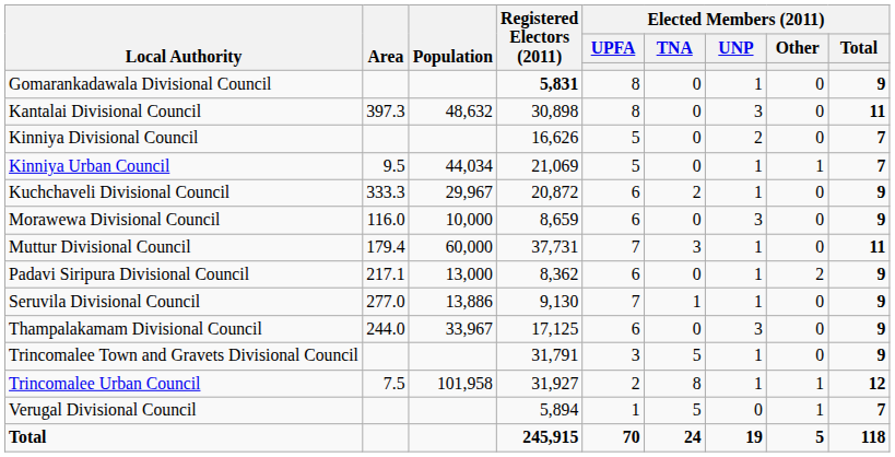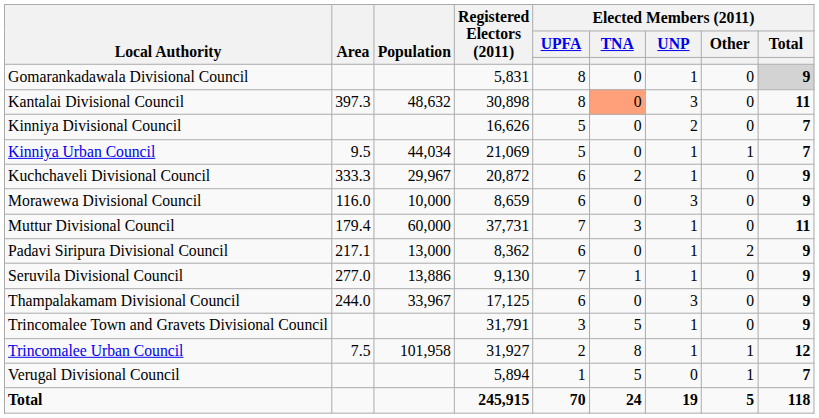 <table class="wikitable" border="1" style="text-align:right;">
 <tr>
 <th style="vertical-align:bottom;" rowspan=3>Local Authority</th>
 <th style="vertical-align:bottom;" rowspan=3>Area</th>
 <th style="vertical-align:bottom;" rowspan=3>Population</th>
 <th style="vertical-align:bottom;" rowspan=3>Registered<br>Electors<br>(2011)</th>
 <th colspan=5>Elected Members (2011)</th>
 </tr>
 <tr>
 <th style="width:50px;"><a href='#'>UPFA</a></th>
 <th style="width:50px;"><a href='#'>TNA</a></th>
 <th style="width:50px;"><a href='#'>UNP</a></th>
 <th style="width:50px;">Other</th>
 <th style="width:50px;">Total</th>
 </tr>
 <tr>
 <th style="background:"></th>
 <th style="background:"></th>
 <th style="background:"></th>
 <th></th>
 <th></th>
 </tr>
 <tr>
 <td align=left>Gomarankadawala Divisional Council</td>
 <td></td>
 <td></td>
-<td><strong>5,831</strong></td>
+<td>5,831</td>
 <td>8</td>
 <td>0</td>
 <td>1</td>
 <td>0</td>
-<td><strong>9</strong></td>
+<td style="background: lightgrey;"><strong>9</strong></td>
 </tr>
 <tr>
 <td align=left>Kantalai Divisional Council</td>
 <td>397.3</td>
 <td>48,632</td>
 <td>30,898</td>
 <td>8</td>
-<td>0</td>
+<td style="background: lightsalmon;">0</td>
 <td>3</td>
 <td>0</td>
 <td><strong>11</strong></td>
 </tr>
 <tr>
 <td align=left>Kinniya Divisional Council</td>
 <td></td>
 <td></td>
 <td>16,626</td>
 <td>5</td>
 <td>0</td>
 <td>2</td>
 <td>0</td>
 <td><strong>7</strong></td>
 </tr>
 <tr>
 <td align=left><a href='#'>Kinniya Urban Council</a></td>
 <td>9.5</td>
 <td>44,034</td>
 <td>21,069</td>
 <td>5</td>
 <td>0</td>
 <td>1</td>
 <td>1</td>
 <td><strong>7</strong></td>
 </tr>
 <tr>
 <td align=left>Kuchchaveli Divisional Council</td>
 <td>333.3</td>
 <td>29,967</td>
 <td>20,872</td>
 <td>6</td>
 <td>2</td>
 <td>1</td>
 <td>0</td>
 <td><strong>9</strong></td>
 </tr>
 <tr>
 <td align=left>Morawewa Divisional Council</td>
 <td>116.0</td>
 <td>10,000</td>
 <td>8,659</td>
 <td>6</td>
 <td>0</td>
 <td>3</td>
 <td>0</td>
 <td><strong>9</strong></td>
 </tr>
 <tr>
 <td align=left>Muttur Divisional Council</td>
 <td>179.4</td>
 <td>60,000</td>
 <td>37,731</td>
 <td>7</td>
 <td>3</td>
 <td>1</td>
 <td>0</td>
 <td><strong>11</strong></td>
 </tr>
 <tr>
 <td align=left>Padavi Siripura Divisional Council</td>
 <td>217.1</td>
 <td>13,000</td>
 <td>8,362</td>
 <td>6</td>
 <td>0</td>
 <td>1</td>
 <td>2</td>
 <td><strong>9</strong></td>
 </tr>
 <tr>
 <td align=left>Seruvila Divisional Council</td>
 <td>277.0</td>
 <td>13,886</td>
 <td>9,130</td>
 <td>7</td>
 <td>1</td>
 <td>1</td>
 <td>0</td>
 <td><strong>9</strong></td>
 </tr>
 <tr>
 <td align=left>Thampalakamam Divisional Council</td>
 <td>244.0</td>
 <td>33,967</td>
 <td>17,125</td>
 <td>6</td>
 <td>0</td>
 <td>3</td>
 <td>0</td>
 <td><strong>9</strong></td>
 </tr>
 <tr>
 <td align=left>Trincomalee Town and Gravets Divisional Council</td>
 <td></td>
 <td></td>
 <td>31,791</td>
 <td>3</td>
 <td>5</td>
 <td>1</td>
 <td>0</td>
 <td><strong>9</strong></td>
 </tr>
 <tr>
 <td align=left><a href='#'>Trincomalee Urban Council</a></td>
 <td>7.5</td>
 <td>101,958</td>
 <td>31,927</td>
 <td>2</td>
 <td>8</td>
 <td>1</td>
 <td>1</td>
 <td><strong>12</strong></td>
 </tr>
 <tr>
 <td align=left>Verugal Divisional Council</td>
 <td></td>
 <td></td>
 <td>5,894</td>
 <td>1</td>
 <td>5</td>
 <td>0</td>
 <td>1</td>
 <td><strong>7</strong></td>
 </tr>
 <tr style="font-weight:bold">
 <td align=left>Total</td>
 <td></td>
 <td></td>
 <td>245,915</td>
 <td>70</td>
 <td>24</td>
 <td>19</td>
 <td>5</td>
 <td>118</td>
 </tr>
 </table>
